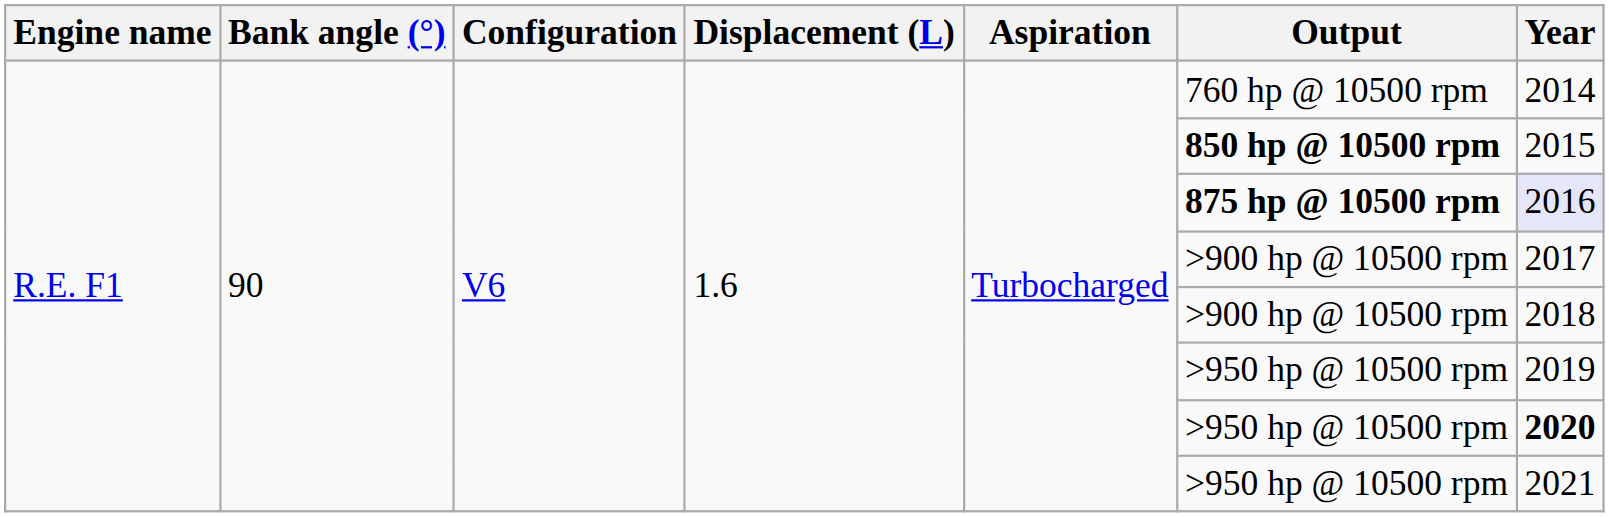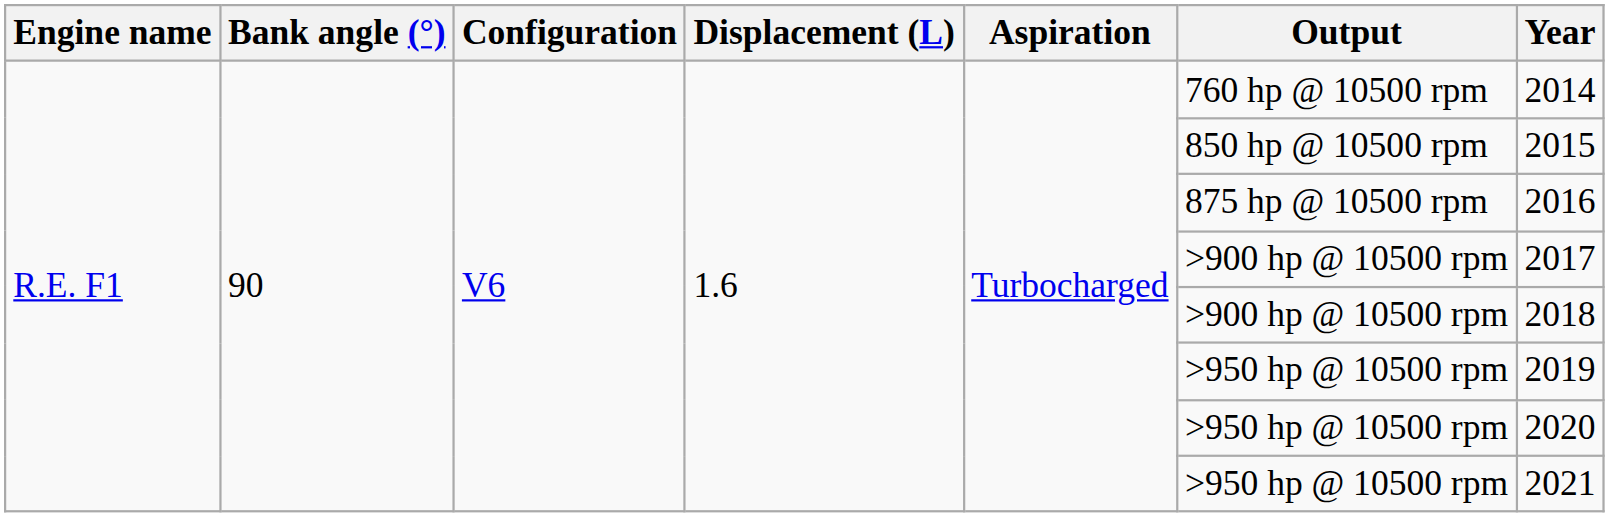 <table class="wikitable sortable">
 <tr>
 <th>Engine name</th>
 <th>Bank angle <a href='#'>(°)</a></th>
 <th>Configuration</th>
 <th>Displacement (<a href='#'>L</a>)</th>
 <th>Aspiration</th>
 <th>Output</th>
 <th>Year</th>
 </tr>
 <tr>
 <td rowspan="8"><a href='#'>R.E. F1</a></td>
 <td rowspan="8">90</td>
 <td rowspan="8"><a href='#'>V6</a></td>
 <td rowspan="8">1.6</td>
 <td rowspan="8"><a href='#'>Turbocharged</a></td>
 <td>760 hp @ 10500 rpm</td>
 <td>2014</td>
 </tr>
 <tr>
-<td><strong>850 hp @ 10500 rpm</strong></td>
+<td>850 hp @ 10500 rpm</td>
 <td>2015</td>
 </tr>
 <tr>
-<td><strong>875 hp @ 10500 rpm</strong></td>
-<td style="background: lavender;">2016</td>
+<td>875 hp @ 10500 rpm</td>
+<td>2016</td>
 </tr>
 <tr>
 <td>>900 hp @ 10500 rpm</td>
 <td>2017</td>
 </tr>
 <tr>
 <td>>900 hp @ 10500 rpm</td>
 <td>2018</td>
 </tr>
 <tr>
 <td>>950 hp @ 10500 rpm</td>
 <td>2019</td>
 </tr>
 <tr>
 <td>>950 hp @ 10500 rpm</td>
-<td><strong>2020</strong></td>
+<td>2020</td>
 </tr>
 <tr>
 <td>>950 hp @ 10500 rpm</td>
 <td>2021</td>
 </tr>
 </table>
